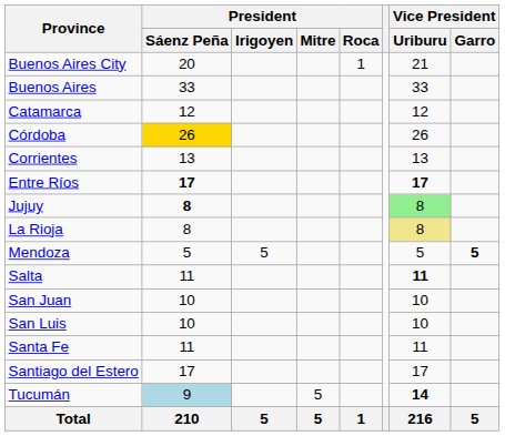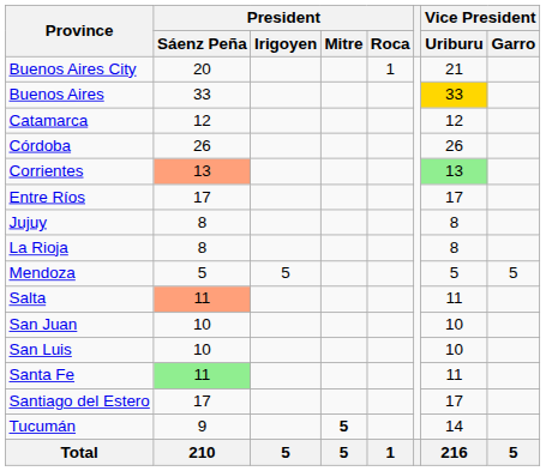 <table class="wikitable" style="text-align:center;">
 <tr>
 <th rowspan=2>Province</th>
 <th colspan=4>President</th>
 <th rowspan=2></th>
 <th colspan=2>Vice President</th>
 </tr>
 <tr>
 <th>Sáenz Peña</th>
 <th>Irigoyen</th>
 <th>Mitre</th>
 <th>Roca</th>
 <th>Uriburu</th>
 <th>Garro</th>
 </tr>
 <tr>
 <td align="left"><a href='#'>Buenos Aires City</a></td>
 <td>20</td>
 <td></td>
 <td></td>
 <td>1</td>
 <td rowspan=15></td>
 <td>21</td>
 <td></td>
 </tr>
 <tr>
 <td align="left"><a href='#'>Buenos Aires</a></td>
 <td>33</td>
 <td></td>
 <td></td>
 <td></td>
-<td>33</td>
+<td style="background: gold;">33</td>
 <td></td>
 </tr>
 <tr>
 <td align="left"><a href='#'>Catamarca</a></td>
 <td>12</td>
 <td></td>
 <td></td>
 <td></td>
 <td>12</td>
 <td></td>
 </tr>
 <tr>
 <td align="left"><a href='#'>Córdoba</a></td>
-<td style="background: gold;">26</td>
+<td>26</td>
 <td></td>
 <td></td>
 <td></td>
 <td>26</td>
 <td></td>
 </tr>
 <tr>
 <td align="left"><a href='#'>Corrientes</a></td>
-<td>13</td>
+<td style="background: lightsalmon;">13</td>
 <td></td>
 <td></td>
 <td></td>
-<td>13</td>
+<td style="background: lightgreen;">13</td>
 <td></td>
 </tr>
 <tr>
 <td align="left"><a href='#'>Entre Ríos</a></td>
-<td><strong>17</strong></td>
+<td>17</td>
 <td></td>
 <td></td>
 <td></td>
-<td><strong>17</strong></td>
+<td>17</td>
 <td></td>
 </tr>
 <tr>
 <td align="left"><a href='#'>Jujuy</a></td>
-<td><strong>8</strong></td>
+<td>8</td>
 <td></td>
 <td></td>
 <td></td>
-<td style="background: lightgreen;">8</td>
+<td>8</td>
 <td></td>
 </tr>
 <tr>
 <td align="left"><a href='#'>La Rioja</a></td>
 <td>8</td>
 <td></td>
 <td></td>
 <td></td>
-<td style="background: khaki;">8</td>
+<td>8</td>
 <td></td>
 </tr>
 <tr>
 <td align="left"><a href='#'>Mendoza</a></td>
 <td>5</td>
 <td>5</td>
 <td></td>
 <td></td>
 <td>5</td>
-<td><strong>5</strong></td>
+<td>5</td>
 </tr>
 <tr>
 <td align="left"><a href='#'>Salta</a></td>
-<td>11</td>
+<td style="background: lightsalmon;">11</td>
 <td></td>
 <td></td>
 <td></td>
-<td><strong>11</strong></td>
+<td>11</td>
 <td></td>
 </tr>
 <tr>
 <td align="left"><a href='#'>San Juan</a></td>
 <td>10</td>
 <td></td>
 <td></td>
 <td></td>
 <td>10</td>
 <td></td>
 </tr>
 <tr>
 <td align="left"><a href='#'>San Luis</a></td>
 <td>10</td>
 <td></td>
 <td></td>
 <td></td>
 <td>10</td>
 <td></td>
 </tr>
 <tr>
 <td align="left"><a href='#'>Santa Fe</a></td>
-<td>11</td>
+<td style="background: lightgreen;">11</td>
 <td></td>
 <td></td>
 <td></td>
 <td>11</td>
 <td></td>
 </tr>
 <tr>
 <td align="left"><a href='#'>Santiago del Estero</a></td>
 <td>17</td>
 <td></td>
 <td></td>
 <td></td>
 <td>17</td>
 <td></td>
 </tr>
 <tr>
 <td align="left"><a href='#'>Tucumán</a></td>
-<td style="background: lightblue;">9</td>
+<td>9</td>
 <td></td>
-<td>5</td>
+<td><strong>5</strong></td>
 <td></td>
-<td><strong>14</strong></td>
+<td>14</td>
 <td></td>
 </tr>
 <tr>
 <th>Total</th>
 <th>210</th>
 <th>5</th>
 <th>5</th>
 <th>1</th>
 <th></th>
 <th>216</th>
 <th>5</th>
 </tr>
 </table>
